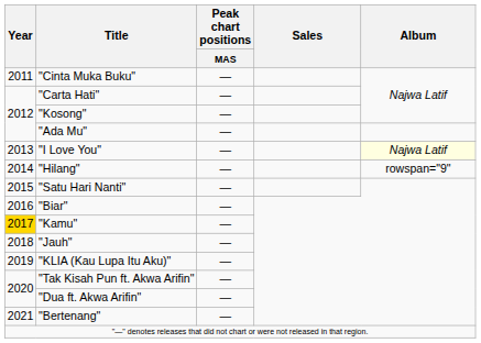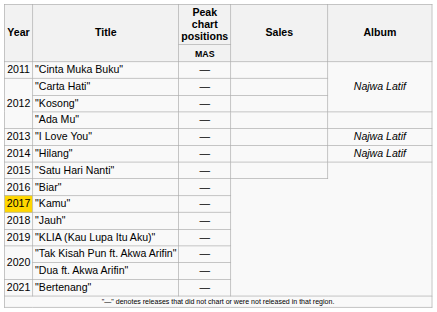 <table class="wikitable" style="text-align:center;">
 <tr>
 <th rowspan="2">Year</th>
 <th rowspan="2">Title</th>
 <th colspan="1">Peak chart positions</th>
 <th rowspan="2" width="140">Sales</th>
 <th rowspan="2" width="150">Album</th>
 </tr>
 <tr>
 <th width="40"><small>MAS</small></th>
 </tr>
 <tr>
 <td rowspan="1">2011</td>
 <td align="left">"Cinta Muka Buku"</td>
 <td>—</td>
 <td></td>
 <td rowspan="3"><em>Najwa Latif</em></td>
 </tr>
 <tr>
 <td rowspan="3">2012</td>
 <td align="left">"Carta Hati"</td>
 <td>—</td>
 <td></td>
 </tr>
 <tr>
 <td align="left">"Kosong"</td>
 <td>—</td>
 <td></td>
 </tr>
 <tr>
 <td align="left">"Ada Mu"</td>
 <td>—</td>
 <td></td>
 <td></td>
 </tr>
 <tr>
 <td rowspan="1">2013</td>
 <td align="left">"I Love You"</td>
 <td>—</td>
 <td></td>
-<td style="background: lightyellow;"><em>Najwa Latif</em></td>
+<td><em>Najwa Latif</em></td>
 </tr>
 <tr>
 <td rowspan="1">2014</td>
 <td align="left">"Hilang"</td>
 <td>—</td>
 <td></td>
-<td>rowspan="9" </td>
+<td><em>Najwa Latif</em></td>
 </tr>
 <tr>
 <td rowspan="1">2015</td>
 <td align="left">"Satu Hari Nanti"</td>
 <td>—</td>
 <td></td>
 </tr>
 <tr>
 <td rowspan="1">2016</td>
 <td align="left">"Biar"</td>
 <td>—</td>
 </tr>
 <tr>
 <td rowspan="1" style="background: gold;">2017</td>
 <td align="left">"Kamu"</td>
 <td>—</td>
 </tr>
 <tr>
 <td rowspan="1">2018</td>
 <td align="left">"Jauh"</td>
 <td>—</td>
 </tr>
 <tr>
 <td rowspan="1">2019</td>
 <td align="left">"KLIA (Kau Lupa Itu Aku)"</td>
 <td>—</td>
 </tr>
 <tr>
 <td rowspan="2">2020</td>
 <td align="left">"Tak Kisah Pun ft. Akwa Arifin"</td>
 <td>—</td>
 </tr>
 <tr>
 <td align="left">"Dua ft. Akwa Arifin"</td>
 <td>—</td>
 </tr>
 <tr>
 <td rowspan="1">2021</td>
 <td align="left">"Bertenang"</td>
 <td>—</td>
 </tr>
 <tr>
 <td colspan="9" style="text-align:center; font-size:8pt;">"—" denotes releases that did not chart or were not released in that region.</td>
 </tr>
 </table>
